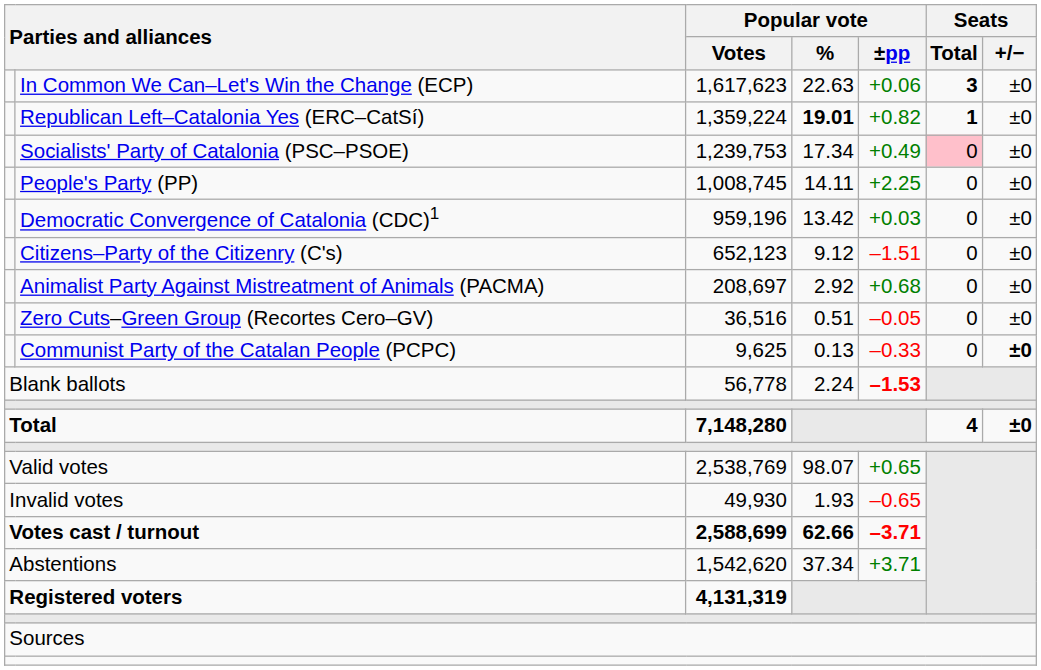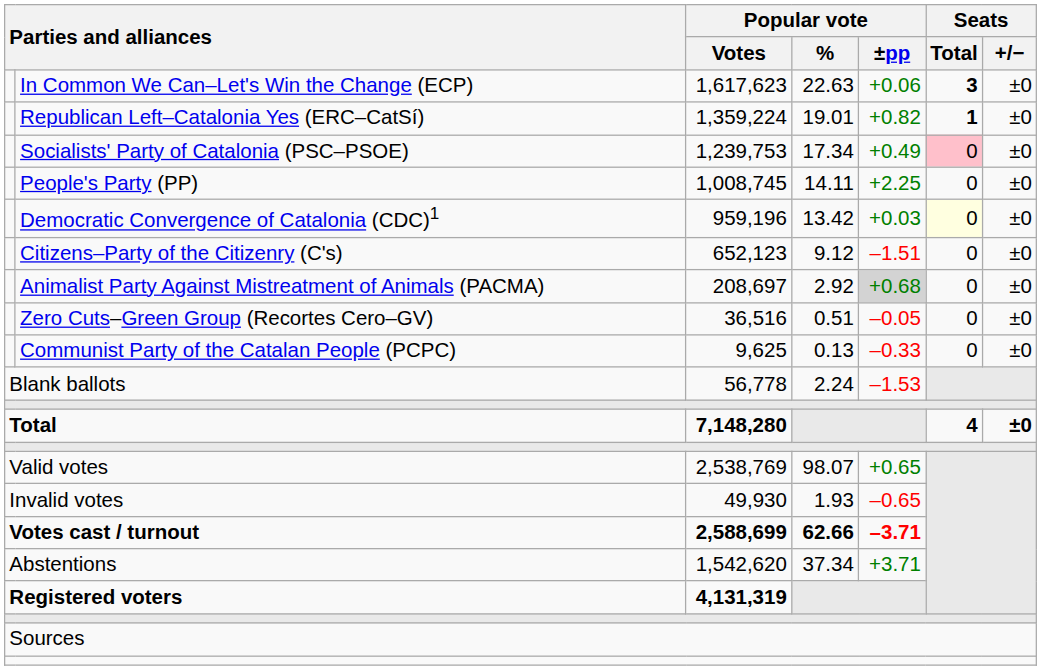 <table class="wikitable" style="text-align:right;">
 <tr>
 <th style="text-align:left;" rowspan="2" colspan="2" width="525">Parties and alliances</th>
 <th colspan="3">Popular vote</th>
 <th colspan="2">Seats</th>
 </tr>
 <tr>
 <th width="75">Votes</th>
 <th width="45">%</th>
 <th width="45">±<a href='#'>pp</a></th>
 <th width="35">Total</th>
 <th width="35">+/−</th>
 </tr>
 <tr>
 <td width="1" style="color:inherit;background:"></td>
 <td align="left"><a href='#'>In Common We Can–Let's Win the Change</a> (ECP)</td>
 <td>1,617,623</td>
 <td>22.63</td>
 <td style="color:green;">+0.06</td>
 <td><strong>3</strong></td>
 <td>±0</td>
 </tr>
 <tr>
 <td style="color:inherit;background:"></td>
 <td align="left"><a href='#'>Republican Left–Catalonia Yes</a> (ERC–CatSí)</td>
 <td>1,359,224</td>
-<td><strong>19.01</strong></td>
+<td>19.01</td>
 <td style="color:green;">+0.82</td>
 <td><strong>1</strong></td>
 <td>±0</td>
 </tr>
 <tr>
 <td style="color:inherit;background:"></td>
 <td align="left"><a href='#'>Socialists' Party of Catalonia</a> (PSC–PSOE)</td>
 <td>1,239,753</td>
 <td>17.34</td>
 <td style="color:green;">+0.49</td>
 <td style="background: pink;">0</td>
 <td>±0</td>
 </tr>
 <tr>
 <td style="color:inherit;background:"></td>
 <td align="left"><a href='#'>People's Party</a> (PP)</td>
 <td>1,008,745</td>
 <td>14.11</td>
 <td style="color:green;">+2.25</td>
 <td>0</td>
 <td>±0</td>
 </tr>
 <tr>
 <td style="color:inherit;background:"></td>
 <td align="left"><a href='#'>Democratic Convergence of Catalonia</a> (CDC)<sup>1</sup></td>
 <td>959,196</td>
 <td>13.42</td>
 <td style="color:green;">+0.03</td>
-<td>0</td>
+<td style="background: lightyellow;">0</td>
 <td>±0</td>
 </tr>
 <tr>
 <td style="color:inherit;background:"></td>
 <td align="left"><a href='#'>Citizens–Party of the Citizenry</a> (C's)</td>
 <td>652,123</td>
 <td>9.12</td>
 <td style="color:red;">–1.51</td>
 <td>0</td>
 <td>±0</td>
 </tr>
 <tr>
 <td style="color:inherit;background:"></td>
 <td align="left"><a href='#'>Animalist Party Against Mistreatment of Animals</a> (PACMA)</td>
 <td>208,697</td>
 <td>2.92</td>
-<td style="color:green;">+0.68</td>
+<td style="background: lightgrey; color:green;">+0.68</td>
 <td>0</td>
 <td>±0</td>
 </tr>
 <tr>
 <td style="color:inherit;background:"></td>
 <td align="left"><a href='#'>Zero Cuts</a>–<a href='#'>Green Group</a> (Recortes Cero–GV)</td>
 <td>36,516</td>
 <td>0.51</td>
 <td style="color:red;">–0.05</td>
 <td>0</td>
 <td>±0</td>
 </tr>
 <tr>
 <td style="color:inherit;background:"></td>
 <td align="left"><a href='#'>Communist Party of the Catalan People</a> (PCPC)</td>
 <td>9,625</td>
 <td>0.13</td>
 <td style="color:red;">–0.33</td>
 <td>0</td>
-<td><strong>±0</strong></td>
+<td>±0</td>
 </tr>
 <tr>
 <td align="left" colspan="2">Blank ballots</td>
 <td>56,778</td>
 <td>2.24</td>
-<td style="color:red;"><strong>–1.53</strong></td>
+<td style="color:red;">–1.53</td>
 <td bgcolor="#E9E9E9" colspan="2"></td>
 </tr>
 <tr>
 <td colspan="7" bgcolor="#E9E9E9"></td>
 </tr>
 <tr style="font-weight:bold;">
 <td align="left" colspan="2">Total</td>
 <td>7,148,280</td>
 <td bgcolor="#E9E9E9" colspan="2"></td>
 <td>4</td>
 <td>±0</td>
 </tr>
 <tr>
 <td colspan="7" bgcolor="#E9E9E9"></td>
 </tr>
 <tr>
 <td align="left" colspan="2">Valid votes</td>
 <td>2,538,769</td>
 <td>98.07</td>
 <td style="color:green;">+0.65</td>
 <td bgcolor="#E9E9E9" colspan="2" rowspan="5"></td>
 </tr>
 <tr>
 <td align="left" colspan="2">Invalid votes</td>
 <td>49,930</td>
 <td>1.93</td>
 <td style="color:red;">–0.65</td>
 </tr>
 <tr style="font-weight:bold;">
 <td align="left" colspan="2">Votes cast / turnout</td>
 <td>2,588,699</td>
 <td>62.66</td>
 <td style="color:red;">–3.71</td>
 </tr>
 <tr>
 <td align="left" colspan="2">Abstentions</td>
 <td>1,542,620</td>
 <td>37.34</td>
 <td style="color:green;">+3.71</td>
 </tr>
 <tr style="font-weight:bold;">
 <td align="left" colspan="2">Registered voters</td>
 <td>4,131,319</td>
 <td bgcolor="#E9E9E9" colspan="2"></td>
 </tr>
 <tr>
 <td colspan="7" bgcolor="#E9E9E9"></td>
 </tr>
 <tr>
 <td align="left" colspan="7">Sources</td>
 </tr>
 <tr>
 <td colspan="7" style="text-align:left; max-width:790px;"></td>
 </tr>
 </table>
